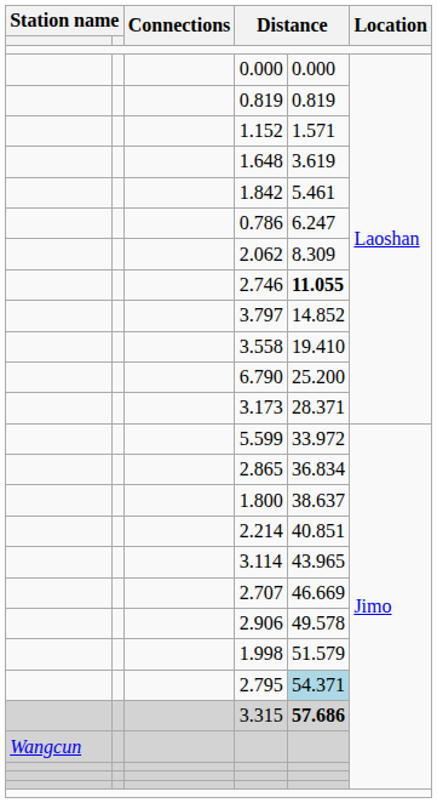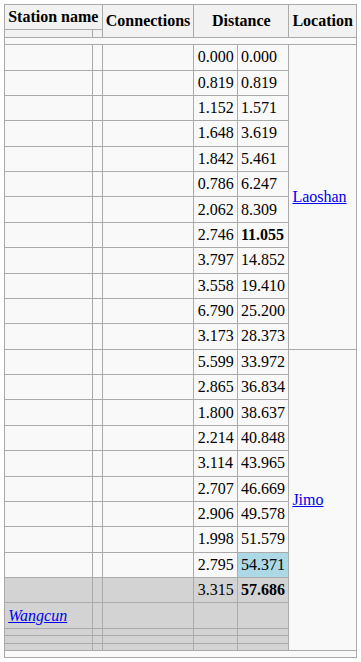 <table class="wikitable">
 <tr>
 <th colspan=2>Station name</th>
 <th rowspan=2>Connections</th>
 <th colspan="2" rowspan="2">Distance<br></th>
 <th rowspan=2>Location</th>
 </tr>
 <tr>
 <th></th>
 <th></th>
 </tr>
 <tr style="background:#">
 <td colspan = "6"></td>
 </tr>
 <tr>
 <td></td>
 <td></td>
 <td></td>
 <td>0.000</td>
 <td>0.000</td>
 <td rowspan="12"><a href='#'>Laoshan</a></td>
 </tr>
 <tr>
 <td></td>
 <td></td>
 <td></td>
 <td>0.819</td>
 <td>0.819</td>
 </tr>
 <tr>
 <td></td>
 <td></td>
 <td></td>
 <td>1.152</td>
 <td>1.571</td>
 </tr>
 <tr>
 <td></td>
 <td></td>
 <td></td>
 <td>1.648</td>
 <td>3.619</td>
 </tr>
 <tr>
 <td></td>
 <td></td>
 <td></td>
 <td>1.842</td>
 <td>5.461</td>
 </tr>
 <tr>
 <td></td>
 <td></td>
 <td></td>
 <td>0.786</td>
 <td>6.247</td>
 </tr>
 <tr>
 <td></td>
 <td></td>
 <td></td>
 <td>2.062</td>
 <td>8.309</td>
 </tr>
 <tr>
 <td></td>
 <td></td>
 <td></td>
 <td>2.746</td>
 <td><strong>11.055</strong></td>
 </tr>
 <tr>
 <td></td>
 <td></td>
 <td></td>
 <td>3.797</td>
 <td>14.852</td>
 </tr>
 <tr>
 <td></td>
 <td></td>
 <td></td>
 <td>3.558</td>
 <td>19.410</td>
 </tr>
 <tr>
 <td></td>
 <td></td>
 <td></td>
 <td>6.790</td>
 <td>25.200</td>
 </tr>
 <tr>
 <td></td>
 <td></td>
 <td></td>
 <td>3.173</td>
-<td>28.371</td>
+<td>28.373</td>
 </tr>
 <tr>
 <td></td>
 <td></td>
 <td></td>
 <td>5.599</td>
 <td>33.972</td>
 <td rowspan="14"><a href='#'>Jimo</a></td>
 </tr>
 <tr>
 <td></td>
 <td></td>
 <td></td>
 <td>2.865</td>
 <td>36.834</td>
 </tr>
 <tr>
 <td></td>
 <td></td>
 <td></td>
 <td>1.800</td>
 <td>38.637</td>
 </tr>
 <tr>
 <td></td>
 <td></td>
 <td></td>
 <td>2.214</td>
-<td>40.851</td>
+<td>40.848</td>
 </tr>
 <tr>
 <td></td>
 <td></td>
 <td></td>
 <td>3.114</td>
 <td>43.965</td>
 </tr>
 <tr>
 <td></td>
 <td></td>
 <td></td>
 <td>2.707</td>
 <td>46.669</td>
 </tr>
 <tr>
 <td></td>
 <td></td>
 <td></td>
 <td>2.906</td>
 <td>49.578</td>
 </tr>
 <tr>
 <td></td>
 <td></td>
 <td></td>
 <td>1.998</td>
 <td>51.579</td>
 </tr>
 <tr>
 <td></td>
 <td></td>
 <td></td>
 <td>2.795</td>
 <td style="background: lightblue;">54.371</td>
 </tr>
 <tr bgcolor="lightgrey">
 <td><em></em></td>
 <td></td>
 <td></td>
 <td>3.315</td>
 <td><strong>57.686</strong></td>
 </tr>
 <tr bgcolor="lightgrey">
 <td><em><a href='#'>Wangcun</a></em></td>
 <td></td>
 <td></td>
 <td></td>
 <td></td>
 </tr>
 <tr bgcolor="lightgrey">
 <td><em></em></td>
 <td></td>
 <td></td>
 <td></td>
 <td></td>
 </tr>
 <tr bgcolor="lightgrey">
 <td><em></em></td>
 <td></td>
 <td></td>
 <td></td>
 <td></td>
 </tr>
 <tr bgcolor="lightgrey">
 <td><em></em></td>
 <td></td>
 <td></td>
 <td></td>
 <td></td>
 </tr>
 <tr style="background:#">
 <td colspan = "6"></td>
 </tr>
 </table>
